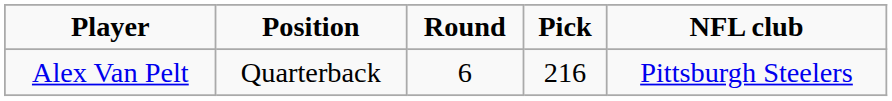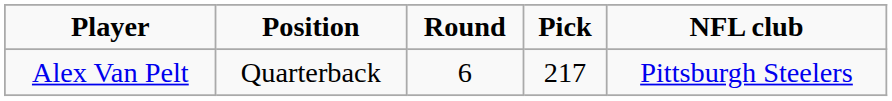 <table class="wikitable" style="width:80%;">
 <tr style="text-align:center; ">
 <td><strong>Player</strong></td>
 <td><strong>Position</strong></td>
 <td><strong>Round</strong></td>
 <td><strong>Pick</strong></td>
 <td><strong>NFL club</strong></td>
 </tr>
 <tr align="center" bgcolor="">
 <td><a href='#'>Alex Van Pelt</a></td>
 <td>Quarterback</td>
 <td>6</td>
-<td>216</td>
+<td>217</td>
 <td><a href='#'>Pittsburgh Steelers</a></td>
 </tr>
 </table>
